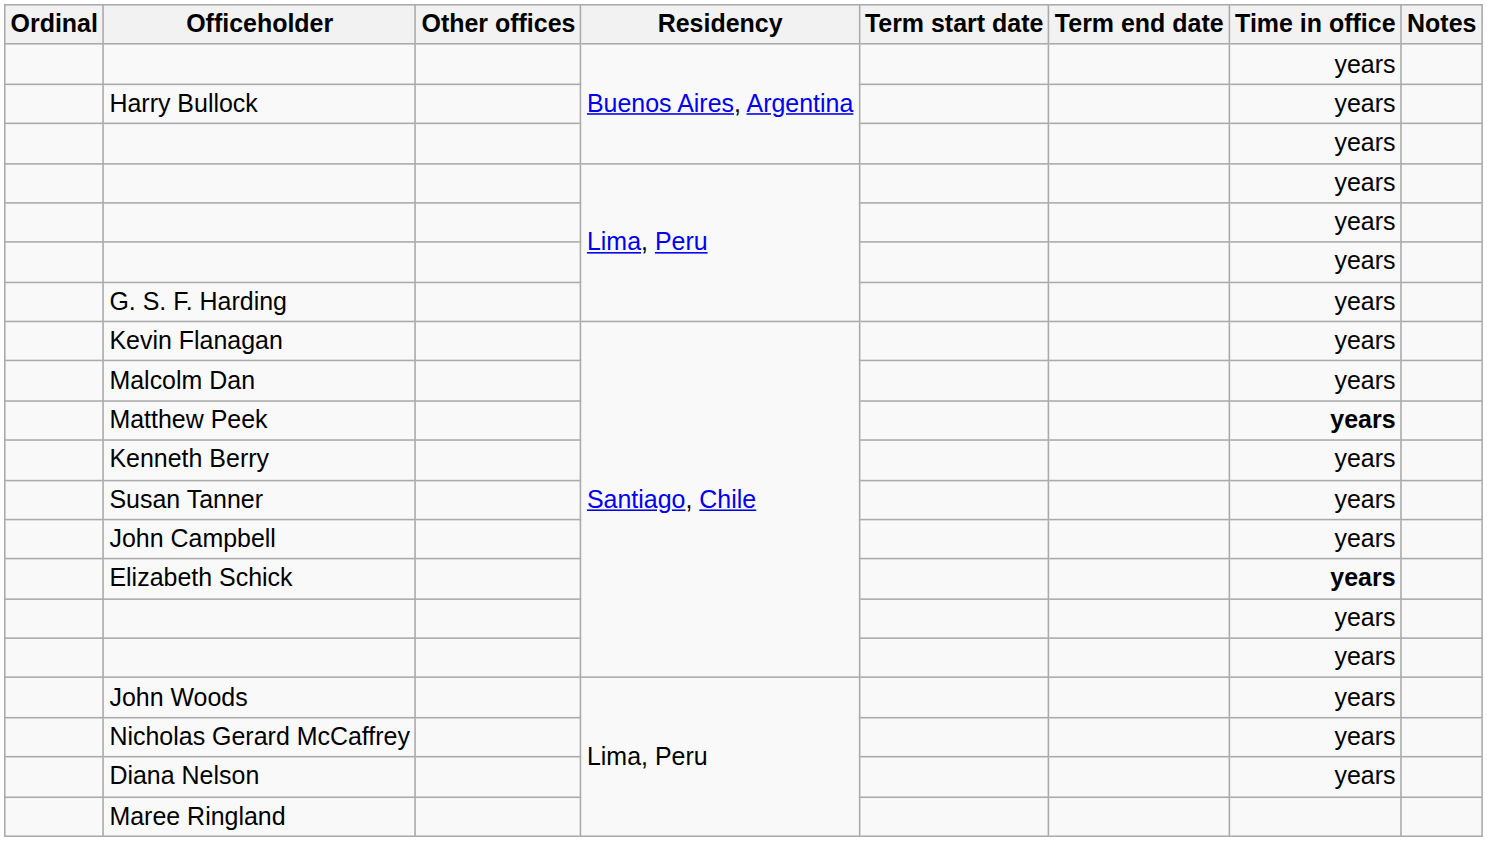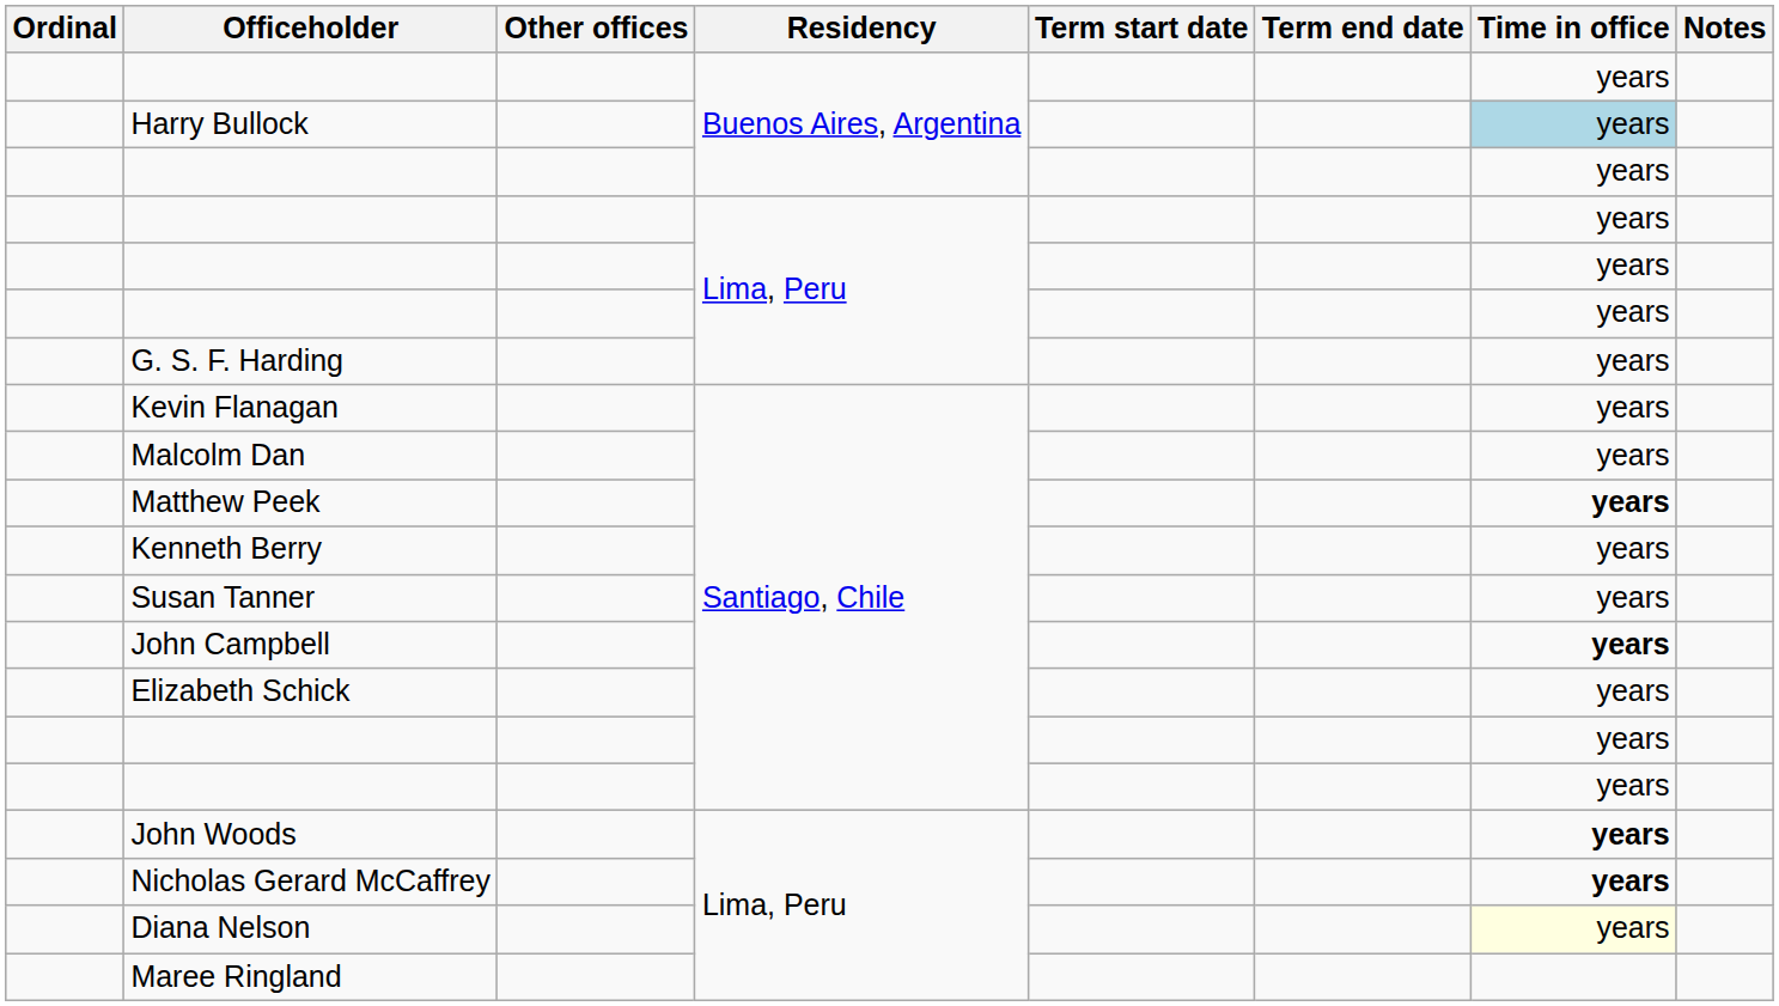 <table class='wikitable sortable'>
 <tr>
 <th>Ordinal</th>
 <th>Officeholder</th>
 <th>Other offices</th>
 <th>Residency</th>
 <th>Term start date</th>
 <th>Term end date</th>
 <th>Time in office</th>
 <th>Notes</th>
 </tr>
 <tr>
 <td align=center></td>
 <td> </td>
 <td></td>
 <td rowspan=3><a href='#'>Buenos Aires</a>, <a href='#'>Argentina</a></td>
 <td align=center></td>
 <td align=center></td>
 <td align=right> years</td>
 <td></td>
 </tr>
 <tr>
 <td align=center></td>
 <td>Harry Bullock</td>
 <td></td>
 <td align=center></td>
 <td align=center></td>
-<td align=right> years</td>
+<td align=right style="background: lightblue;"> years</td>
 <td></td>
 </tr>
 <tr>
 <td align=center></td>
 <td></td>
 <td></td>
 <td align=center></td>
 <td align=center></td>
 <td align=right> years</td>
 <td></td>
 </tr>
 <tr>
 <td align=center></td>
 <td> </td>
 <td></td>
 <td rowspan=4><a href='#'>Lima</a>, <a href='#'>Peru</a></td>
 <td align=center></td>
 <td align=center></td>
 <td align=right> years</td>
 <td></td>
 </tr>
 <tr>
 <td align=center></td>
 <td> </td>
 <td></td>
 <td align=center></td>
 <td align=center></td>
 <td align=right> years</td>
 <td></td>
 </tr>
 <tr>
 <td align=center></td>
 <td></td>
 <td></td>
 <td align=center></td>
 <td align=center></td>
 <td align=right> years</td>
 <td></td>
 </tr>
 <tr>
 <td align=center></td>
 <td>G. S. F. Harding</td>
 <td></td>
 <td align=center></td>
 <td align=center></td>
 <td align=right> years</td>
 <td></td>
 </tr>
 <tr>
 <td align=center></td>
 <td>Kevin Flanagan</td>
 <td></td>
 <td rowspan=9><a href='#'>Santiago</a>, <a href='#'>Chile</a></td>
 <td align=center></td>
 <td align=center></td>
 <td align=right> years</td>
 <td></td>
 </tr>
 <tr>
 <td align=center></td>
 <td>Malcolm Dan</td>
 <td></td>
 <td align=center></td>
 <td align=center></td>
 <td align=right> years</td>
 <td></td>
 </tr>
 <tr>
 <td align=center></td>
 <td>Matthew Peek</td>
 <td></td>
 <td align=center></td>
 <td align=center></td>
 <td align=right><strong> years</strong></td>
 <td></td>
 </tr>
 <tr>
 <td align=center></td>
 <td>Kenneth Berry</td>
 <td></td>
 <td align=center></td>
 <td align=center></td>
 <td align=right> years</td>
 <td></td>
 </tr>
 <tr>
 <td align=center></td>
 <td>Susan Tanner</td>
 <td></td>
 <td align=center></td>
 <td align=center></td>
 <td align=right> years</td>
 <td></td>
 </tr>
 <tr>
 <td align=center></td>
 <td>John Campbell</td>
 <td></td>
 <td align=center></td>
 <td align=center></td>
-<td align=right> years</td>
+<td align=right><strong> years</strong></td>
 <td></td>
 </tr>
 <tr>
 <td align=center></td>
 <td>Elizabeth Schick</td>
 <td></td>
 <td align=center></td>
 <td align=center></td>
-<td align=right><strong> years</strong></td>
+<td align=right> years</td>
 <td></td>
 </tr>
 <tr>
 <td align=center></td>
 <td></td>
 <td></td>
 <td align=center></td>
 <td align=center></td>
 <td align=right> years</td>
 <td></td>
 </tr>
 <tr>
 <td align=center></td>
 <td></td>
 <td></td>
 <td align=center></td>
 <td align=center></td>
 <td align=right> years</td>
 <td></td>
 </tr>
 <tr>
 <td align=center></td>
 <td>John Woods</td>
 <td></td>
 <td rowspan=4>Lima, Peru</td>
 <td align=center></td>
 <td align=center></td>
-<td align=right> years</td>
+<td align=right><strong> years</strong></td>
 <td></td>
 </tr>
 <tr>
 <td align=center></td>
 <td>Nicholas Gerard McCaffrey</td>
 <td></td>
 <td align=center></td>
 <td align=center></td>
-<td align=right> years</td>
+<td align=right><strong> years</strong></td>
 <td></td>
 </tr>
 <tr>
 <td align=center></td>
 <td>Diana Nelson</td>
 <td></td>
 <td align=center></td>
 <td align=center></td>
-<td align=right> years</td>
+<td align=right style="background: lightyellow;"> years</td>
 <td></td>
 </tr>
 <tr>
 <td align=center></td>
 <td>Maree Ringland</td>
 <td></td>
 <td align=center></td>
 <td align=center></td>
 <td align=right></td>
 <td></td>
 </tr>
 </table>
